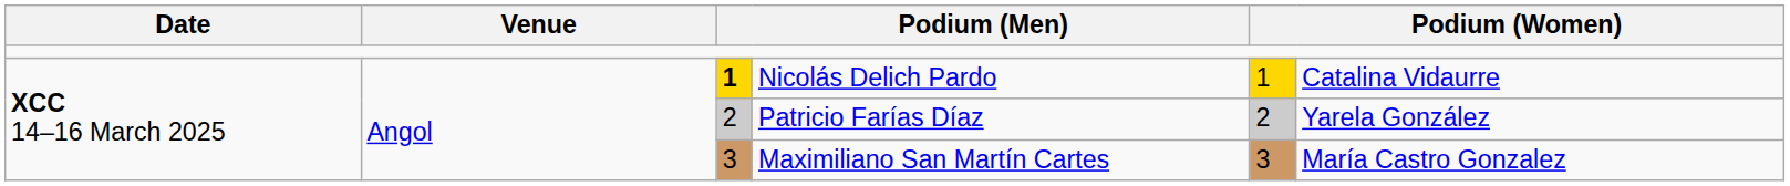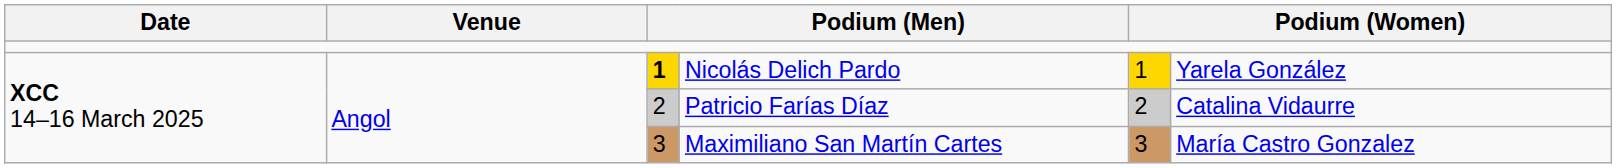 <table class="wikitable" width=70%>
 <tr>
 <th>Date</th>
 <th width=20%>Venue</th>
 <th colspan=2 width=30%>Podium (Men)</th>
 <th colspan=2 width=30%>Podium (Women)</th>
 </tr>
 <tr>
 <td colspan=6></td>
 </tr>
 <tr>
 <td rowspan=3><strong>XCC</strong> <br> 14–16 March 2025</td>
 <td rowspan=3><br><a href='#'>Angol</a></td>
 <td bgcolor=FFD700><strong>1</strong></td>
 <td><a href='#'>Nicolás Delich Pardo</a></td>
 <td bgcolor=FFD700>1</td>
-<td><a href='#'>Catalina Vidaurre</a></td>
+<td><a href='#'>Yarela González</a></td>
 </tr>
 <tr>
 <td bgcolor=CCCCCC>2</td>
 <td><a href='#'>Patricio Farías Díaz</a></td>
 <td bgcolor=CCCCCC>2</td>
-<td><a href='#'>Yarela González</a></td>
+<td><a href='#'>Catalina Vidaurre</a></td>
 </tr>
 <tr>
 <td bgcolor=CC9966>3</td>
 <td><a href='#'>Maximiliano San Martín Cartes</a></td>
 <td bgcolor=CC9966>3</td>
 <td><a href='#'>María Castro Gonzalez</a></td>
 </tr>
 </table>
